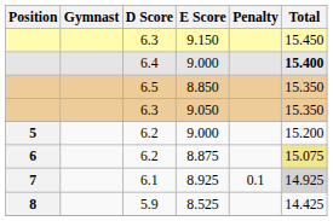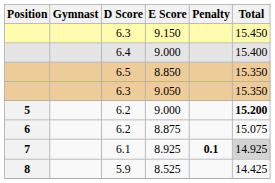 <table class="wikitable sortable" style="text-align:center; font-size:95%">
 <tr>
 <th>Position</th>
 <th>Gymnast</th>
 <th>D Score</th>
 <th>E Score</th>
 <th>Penalty</th>
 <th>Total</th>
 </tr>
 <tr bgcolor=fffcaf>
 <td></td>
 <td align=left></td>
 <td>6.3</td>
 <td>9.150</td>
 <td></td>
 <td>15.450</td>
 </tr>
 <tr bgcolor=e5e5e5>
 <td></td>
 <td align=left></td>
 <td>6.4</td>
 <td>9.000</td>
 <td></td>
-<td><strong>15.400</strong></td>
+<td>15.400</td>
 </tr>
 <tr bgcolor=eecc99>
 <td></td>
 <td align=left></td>
 <td>6.5</td>
 <td>8.850</td>
 <td></td>
 <td>15.350</td>
 </tr>
 <tr bgcolor=eecc99>
 <td></td>
 <td align=left></td>
 <td>6.3</td>
 <td>9.050</td>
 <td></td>
 <td>15.350</td>
 </tr>
 <tr>
 <th><strong>5</strong></th>
 <td align=left></td>
 <td>6.2</td>
 <td>9.000</td>
 <td></td>
-<td>15.200</td>
+<td><strong>15.200</strong></td>
 </tr>
 <tr>
 <th><strong>6</strong></th>
 <td align=left></td>
 <td>6.2</td>
 <td>8.875</td>
 <td></td>
-<td style="background: khaki;">15.075</td>
+<td>15.075</td>
 </tr>
 <tr>
 <th><strong>7</strong></th>
 <td align=left></td>
 <td>6.1</td>
 <td>8.925</td>
-<td>0.1</td>
+<td><strong>0.1</strong></td>
 <td style="background: lightgrey;">14.925</td>
 </tr>
 <tr>
 <th><strong>8</strong></th>
 <td align=left></td>
 <td>5.9</td>
 <td>8.525</td>
 <td></td>
 <td>14.425</td>
 </tr>
 <tr>
 </tr>
 </table>
